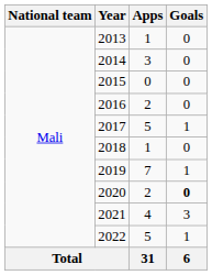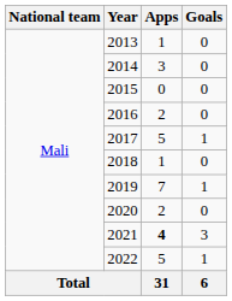 <table class="wikitable" style="text-align:center">
 <tr>
 <th>National team</th>
 <th>Year</th>
 <th>Apps</th>
 <th>Goals</th>
 </tr>
 <tr>
 <td rowspan="10"><a href='#'>Mali</a></td>
 <td>2013</td>
 <td>1</td>
 <td>0</td>
 </tr>
 <tr>
 <td>2014</td>
 <td>3</td>
 <td>0</td>
 </tr>
 <tr>
 <td>2015</td>
 <td>0</td>
 <td>0</td>
 </tr>
 <tr>
 <td>2016</td>
 <td>2</td>
 <td>0</td>
 </tr>
 <tr>
 <td>2017</td>
 <td>5</td>
 <td>1</td>
 </tr>
 <tr>
 <td>2018</td>
 <td>1</td>
 <td>0</td>
 </tr>
 <tr>
 <td>2019</td>
 <td>7</td>
 <td>1</td>
 </tr>
 <tr>
 <td>2020</td>
 <td>2</td>
-<td><strong>0</strong></td>
+<td>0</td>
 </tr>
 <tr>
 <td>2021</td>
-<td>4</td>
+<td><strong>4</strong></td>
 <td>3</td>
 </tr>
 <tr>
 <td>2022</td>
 <td>5</td>
 <td>1</td>
 </tr>
 <tr>
 <th colspan="2">Total</th>
 <th>31</th>
 <th>6</th>
 </tr>
 </table>
